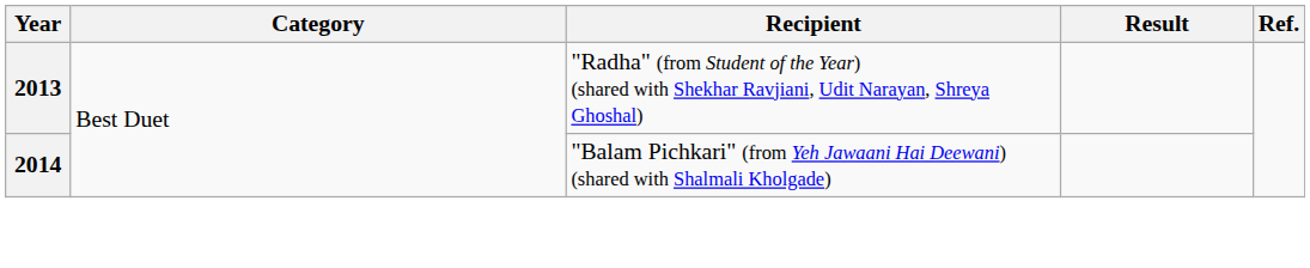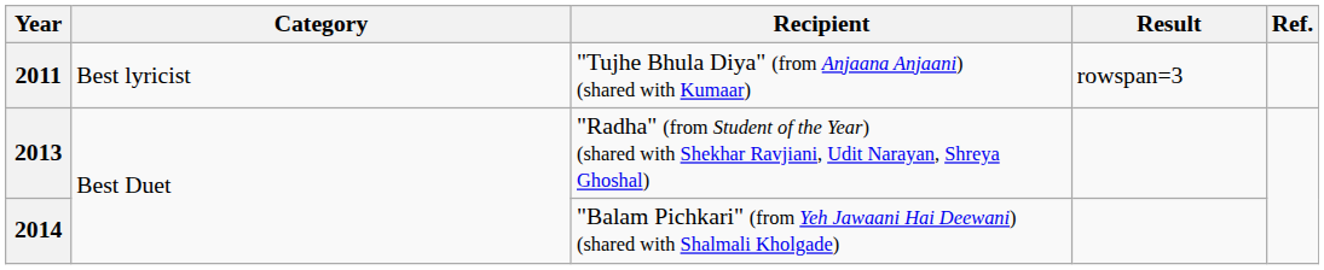 <table class="wikitable plainrowheaders" style="width:100%; textcolor:#000">
 <tr>
 <th scope="col" style="width:5%;"><strong>Year</strong></th>
 <th scope="col" style="width:39%;"><strong>Category</strong></th>
 <th scope="col" style="width:39%;"><strong>Recipient</strong></th>
 <th scope="col" style="width:15%;"><strong>Result</strong></th>
 <th scope="col" style="width:2%;"><strong>Ref.</strong></th>
+</tr>
+<tr>
+<th scope="row">2011</th>
+<td>Best lyricist</td>
+<td>"Tujhe Bhula Diya" <small>(from <em><a href='#'>Anjaana Anjaani</a></em>)</small><br><small>(shared with <a href='#'>Kumaar</a>)</small></td>
+<td>rowspan=3 </td>
+<td></td>
 </tr>
 <tr>
 <th scope="row">2013</th>
 <td rowspan="2">Best Duet</td>
 <td>"Radha" <small>(from <em>Student of the Year</em>)</small><br><small>(shared with <a href='#'>Shekhar Ravjiani</a>, <a href='#'>Udit Narayan</a>, <a href='#'>Shreya Ghoshal</a>)</small></td>
 <td></td>
 </tr>
 <tr>
 <th scope="row">2014</th>
 <td>"Balam Pichkari" <small>(from <em><a href='#'>Yeh Jawaani Hai Deewani</a></em>)</small><br><small>(shared with <a href='#'>Shalmali Kholgade</a>)</small></td>
 <td></td>
 </tr>
 </table>
